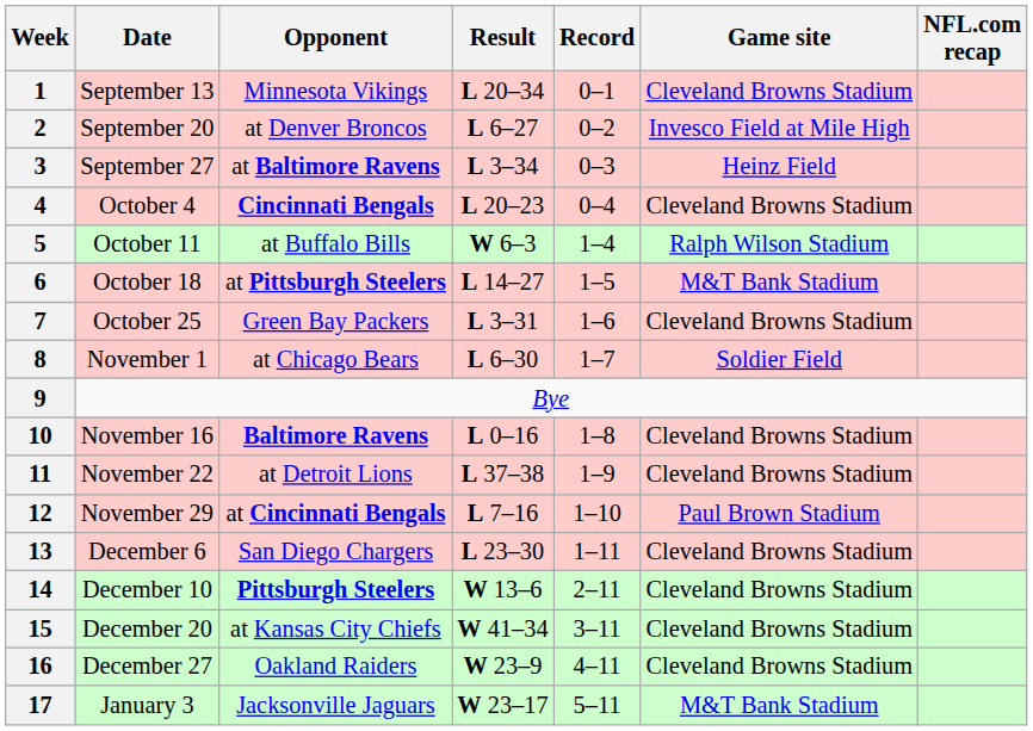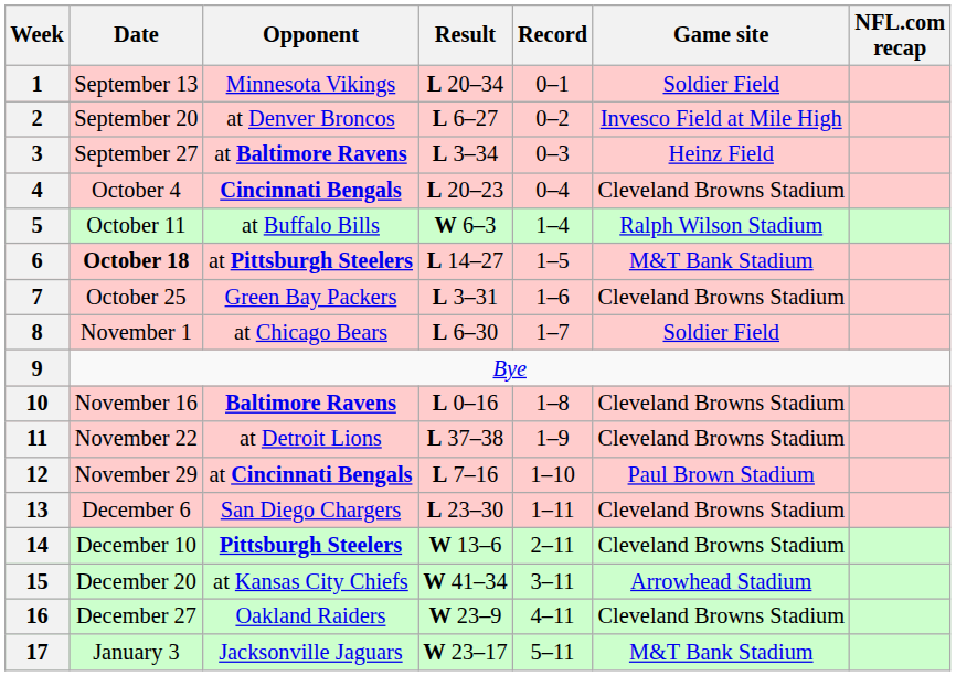 <table class="wikitable" style="text-align:center">
 <tr>
 <th>Week</th>
 <th>Date</th>
 <th>Opponent</th>
 <th>Result</th>
 <th>Record</th>
 <th>Game site</th>
 <th>NFL.com<br>recap</th>
 </tr>
 <tr style="background:#fcc;">
 <th>1</th>
 <td>September 13</td>
 <td><a href='#'>Minnesota Vikings</a></td>
 <td><strong>L</strong> 20–34</td>
 <td>0–1</td>
-<td><a href='#'>Cleveland Browns Stadium</a></td>
+<td><a href='#'>Soldier Field</a></td>
 <td></td>
 </tr>
 <tr style="background:#fcc;">
 <th>2</th>
 <td>September 20</td>
 <td>at <a href='#'>Denver Broncos</a></td>
 <td><strong>L</strong> 6–27</td>
 <td>0–2</td>
 <td><a href='#'>Invesco Field at Mile High</a></td>
 <td></td>
 </tr>
 <tr style="background:#fcc;">
 <th>3</th>
 <td>September 27</td>
 <td>at <strong><a href='#'>Baltimore Ravens</a></strong></td>
 <td><strong>L</strong> 3–34</td>
 <td>0–3</td>
 <td><a href='#'>Heinz Field</a></td>
 <td></td>
 </tr>
 <tr style="background:#fcc;">
 <th>4</th>
 <td>October 4</td>
 <td><strong><a href='#'>Cincinnati Bengals</a></strong></td>
 <td><strong>L</strong> 20–23 </td>
 <td>0–4</td>
 <td>Cleveland Browns Stadium</td>
 <td></td>
 </tr>
 <tr style="background:#cfc;">
 <th>5</th>
 <td>October 11</td>
 <td>at <a href='#'>Buffalo Bills</a></td>
 <td><strong>W</strong> 6–3</td>
 <td>1–4</td>
 <td><a href='#'>Ralph Wilson Stadium</a></td>
 <td></td>
 </tr>
 <tr style="background:#fcc;">
 <th>6</th>
-<td>October 18</td>
+<td><strong>October 18</strong></td>
 <td>at <strong><a href='#'>Pittsburgh Steelers</a></strong></td>
 <td><strong>L</strong> 14–27</td>
 <td>1–5</td>
 <td><a href='#'>M&T Bank Stadium</a></td>
 <td></td>
 </tr>
 <tr style="background:#fcc;">
 <th>7</th>
 <td>October 25</td>
 <td><a href='#'>Green Bay Packers</a></td>
 <td><strong>L</strong> 3–31</td>
 <td>1–6</td>
 <td>Cleveland Browns Stadium</td>
 <td></td>
 </tr>
 <tr style="background:#fcc;">
 <th>8</th>
 <td>November 1</td>
 <td>at <a href='#'>Chicago Bears</a></td>
 <td><strong>L</strong> 6–30</td>
 <td>1–7</td>
 <td><a href='#'>Soldier Field</a></td>
 <td></td>
 </tr>
 <tr>
 <th>9</th>
 <td colspan="8"><em><a href='#'>Bye</a></em></td>
 </tr>
 <tr style="background:#fcc;">
 <th>10</th>
 <td>November 16</td>
 <td><strong><a href='#'>Baltimore Ravens</a></strong></td>
 <td><strong>L</strong> 0–16</td>
 <td>1–8</td>
 <td>Cleveland Browns Stadium</td>
 <td></td>
 </tr>
 <tr style="background:#fcc;">
 <th>11</th>
 <td>November 22</td>
 <td>at <a href='#'>Detroit Lions</a></td>
 <td><strong>L</strong> 37–38</td>
 <td>1–9</td>
 <td>Cleveland Browns Stadium</td>
 <td></td>
 </tr>
 <tr style="background:#fcc;">
 <th>12</th>
 <td>November 29</td>
 <td>at <strong><a href='#'>Cincinnati Bengals</a></strong></td>
 <td><strong>L</strong> 7–16</td>
 <td>1–10</td>
 <td><a href='#'>Paul Brown Stadium</a></td>
 <td></td>
 </tr>
 <tr style="background:#fcc;">
 <th>13</th>
 <td>December 6</td>
 <td><a href='#'>San Diego Chargers</a></td>
 <td><strong>L</strong> 23–30</td>
 <td>1–11</td>
 <td>Cleveland Browns Stadium</td>
 <td></td>
 </tr>
 <tr style="background:#cfc;">
 <th>14</th>
 <td>December 10</td>
 <td><strong><a href='#'>Pittsburgh Steelers</a></strong></td>
 <td><strong>W</strong> 13–6</td>
 <td>2–11</td>
 <td>Cleveland Browns Stadium</td>
 <td></td>
 </tr>
 <tr style="background:#cfc;">
 <th>15</th>
 <td>December 20</td>
 <td>at <a href='#'>Kansas City Chiefs</a></td>
 <td><strong>W</strong> 41–34</td>
 <td>3–11</td>
-<td>Cleveland Browns Stadium</td>
+<td><a href='#'>Arrowhead Stadium</a></td>
 <td></td>
 </tr>
 <tr style="background:#cfc">
 <th>16</th>
 <td>December 27</td>
 <td><a href='#'>Oakland Raiders</a></td>
 <td><strong>W</strong> 23–9</td>
 <td>4–11</td>
 <td>Cleveland Browns Stadium</td>
 <td></td>
 </tr>
 <tr style="background:#cfc;">
 <th>17</th>
 <td>January 3</td>
 <td><a href='#'>Jacksonville Jaguars</a></td>
 <td><strong>W</strong> 23–17</td>
 <td>5–11</td>
 <td><a href='#'>M&T Bank Stadium</a></td>
 <td></td>
 </tr>
 </table>
